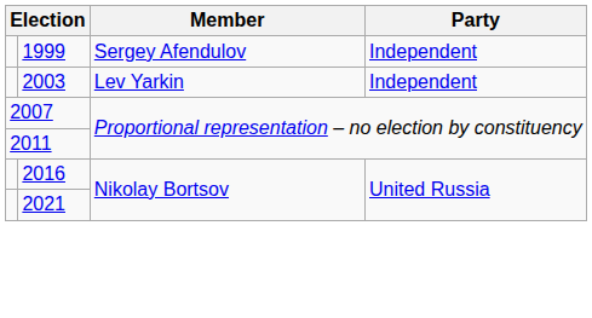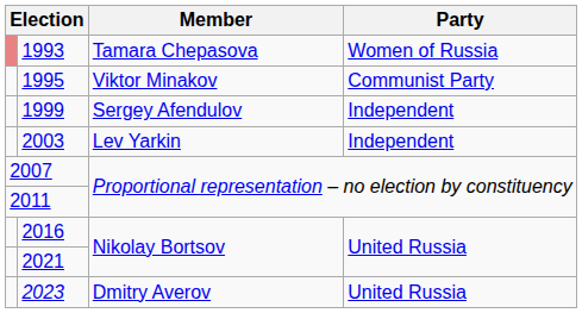 <table class="wikitable">
 <tr>
 <th colspan="2">Election</th>
 <th>Member</th>
 <th>Party</th>
+</tr>
+<tr>
+<td style="background-color:#E98282"></td>
+<td><a href='#'>1993</a></td>
+<td><a href='#'>Tamara Chepasova</a></td>
+<td><a href='#'>Women of Russia</a></td>
+</tr>
+<tr>
+<td style="background-color:"></td>
+<td><a href='#'>1995</a></td>
+<td><a href='#'>Viktor Minakov</a></td>
+<td><a href='#'>Communist Party</a></td>
 </tr>
 <tr>
 <td style="background-color:"></td>
 <td><a href='#'>1999</a></td>
 <td><a href='#'>Sergey Afendulov</a></td>
 <td><a href='#'>Independent</a></td>
 </tr>
 <tr>
 <td style="background-color:"></td>
 <td><a href='#'>2003</a></td>
 <td><a href='#'>Lev Yarkin</a></td>
 <td><a href='#'>Independent</a></td>
 </tr>
 <tr>
 <td colspan=2><a href='#'>2007</a></td>
 <td colspan=2 rowspan=2><em><a href='#'>Proportional representation</a> – no election by constituency</em></td>
 </tr>
 <tr>
 <td colspan=2><a href='#'>2011</a></td>
 </tr>
 <tr>
 <td style="background-color: "></td>
 <td><a href='#'>2016</a></td>
 <td rowspan=2><a href='#'>Nikolay Bortsov</a></td>
 <td rowspan=2><a href='#'>United Russia</a></td>
 </tr>
 <tr>
 <td style="background-color: "></td>
 <td><a href='#'>2021</a></td>
 </tr>
+<tr>
+<td style="background-color: "></td>
+<td><em><a href='#'>2023</a></em></td>
+<td><a href='#'>Dmitry Averov</a></td>
+<td><a href='#'>United Russia</a></td>
+</tr>
 </table>
